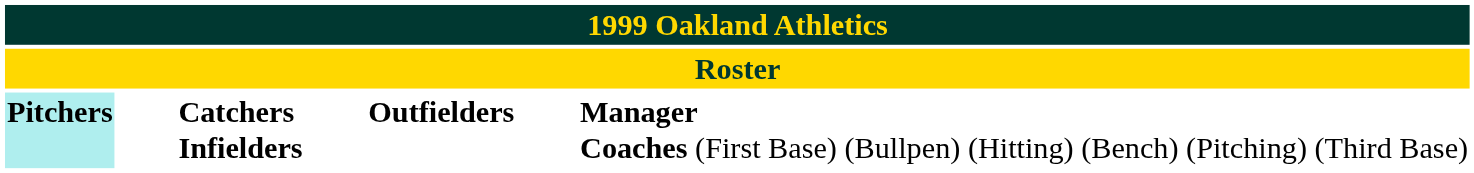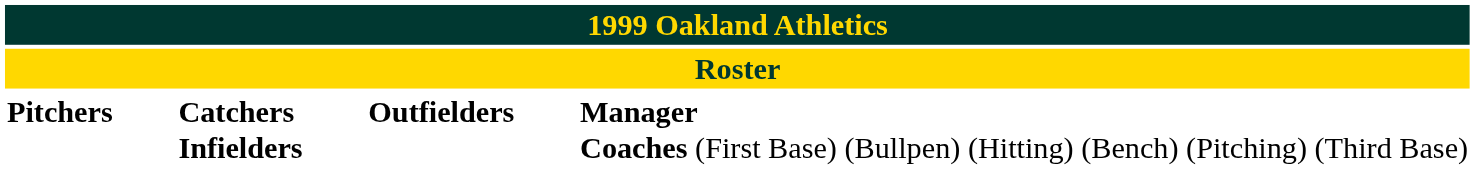 <table class="toccolours" style="font-size: 95%;">
 <tr>
 <th colspan="10" style="background-color: #003831; color: #FFD800; text-align: center;">1999 Oakland Athletics</th>
 </tr>
 <tr>
 <td colspan="10" style="background-color: #FFD800; color: #003831; text-align: center;"><strong>Roster</strong></td>
 </tr>
 <tr>
-<td valign="top" style="background: paleturquoise;"><strong>Pitchers</strong><br>                      </td>
+<td valign="top"><strong>Pitchers</strong><br>                      </td>
 <td width="25px"></td>
 <td valign="top"><strong>Catchers</strong><br>   <strong>Infielders</strong>          </td>
 <td width="25px"></td>
 <td valign="top"><strong>Outfielders</strong><br>     </td>
 <td width="25px"></td>
 <td valign="top"><strong>Manager</strong><br> <strong>Coaches</strong>  (First Base)  (Bullpen)  (Hitting)  (Bench)  (Pitching)  (Third Base)</td>
 </tr>
 </table>
